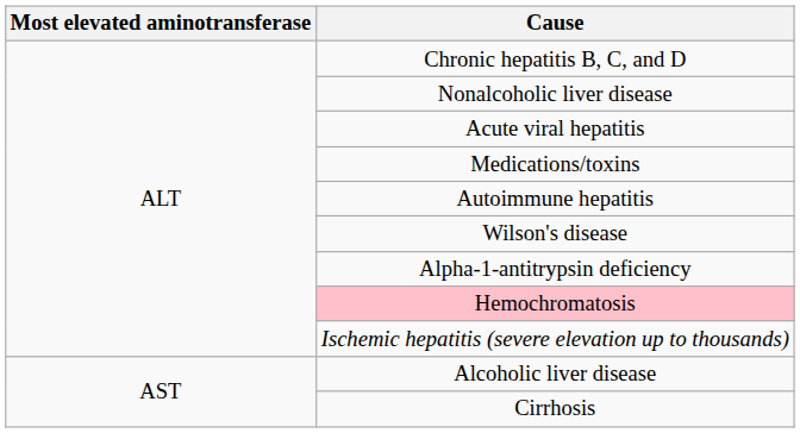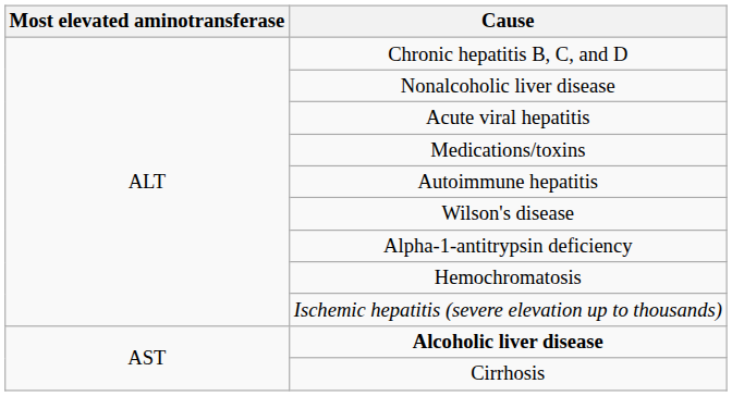 <table class="wikitable" style = "float: right; margin-left:15px; text-align:center">
 <tr>
 <th scope="col">Most elevated aminotransferase</th>
 <th scope="col">Cause</th>
 </tr>
 <tr>
 <td rowspan="9">ALT</td>
 <td>Chronic hepatitis B, C, and D</td>
 </tr>
 <tr>
 <td>Nonalcoholic liver disease</td>
 </tr>
 <tr>
 <td>Acute viral hepatitis</td>
 </tr>
 <tr>
 <td>Medications/toxins</td>
 </tr>
 <tr>
 <td>Autoimmune hepatitis</td>
 </tr>
 <tr>
 <td>Wilson's disease</td>
 </tr>
 <tr>
 <td>Alpha-1-antitrypsin deficiency</td>
 </tr>
 <tr>
-<td style="background: pink;">Hemochromatosis</td>
+<td>Hemochromatosis</td>
 </tr>
 <tr>
 <td><em>Ischemic hepatitis (severe elevation up to thousands)</em></td>
 </tr>
 <tr>
 <td rowspan="2">AST</td>
-<td>Alcoholic liver disease</td>
+<td><strong>Alcoholic liver disease</strong></td>
 </tr>
 <tr>
 <td>Cirrhosis</td>
 </tr>
 </table>
